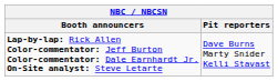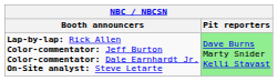 <table class="wikitable" style="font-size: 95%">
 <tr>
 <th colspan="2"><a href='#'>NBC / NBCSN</a></th>
 </tr>
 <tr>
 <th>Booth announcers</th>
 <th>Pit reporters</th>
 </tr>
 <tr>
 <td><strong>Lap-by-lap:</strong> <a href='#'>Rick Allen</a><br><strong>Color-commentator:</strong> <a href='#'>Jeff Burton</a><br><strong>Color-commentator:</strong> <a href='#'>Dale Earnhardt Jr.</a><br><strong>On-Site analyst:</strong> <a href='#'>Steve Letarte</a></td>
-<td><a href='#'>Dave Burns</a><br>Marty Snider<br><a href='#'>Kelli Stavast</a></td>
+<td style="background: lightgreen;"><a href='#'>Dave Burns</a><br>Marty Snider<br><a href='#'>Kelli Stavast</a></td>
 </tr>
 </table>
